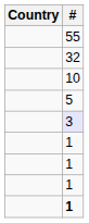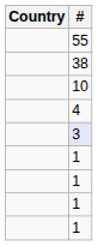 <table class="wikitable sortable">
 <tr>
 <th>Country</th>
 <th>#</th>
 </tr>
 <tr>
 <td></td>
 <td>55</td>
 </tr>
 <tr>
 <td></td>
-<td>32</td>
+<td>38</td>
 </tr>
 <tr>
 <td></td>
 <td>10</td>
 </tr>
 <tr>
 <td></td>
-<td>5</td>
+<td>4</td>
 </tr>
 <tr>
 <td></td>
 <td style="background: lavender;">3</td>
 </tr>
 <tr>
 <td></td>
 <td>1</td>
 </tr>
 <tr>
 <td></td>
 <td>1</td>
 </tr>
 <tr>
 <td></td>
 <td>1</td>
 </tr>
 <tr>
 <td></td>
-<td><strong>1</strong></td>
+<td>1</td>
 </tr>
 </table>
